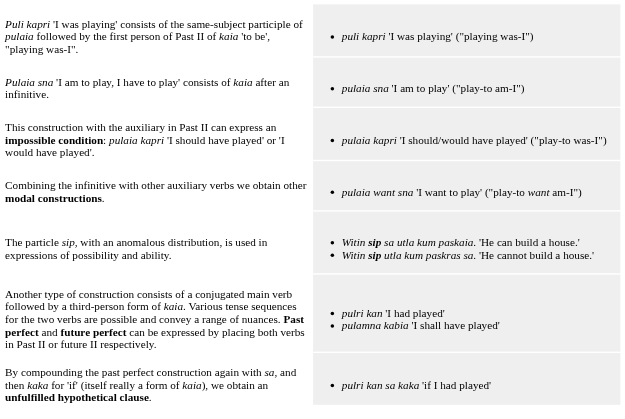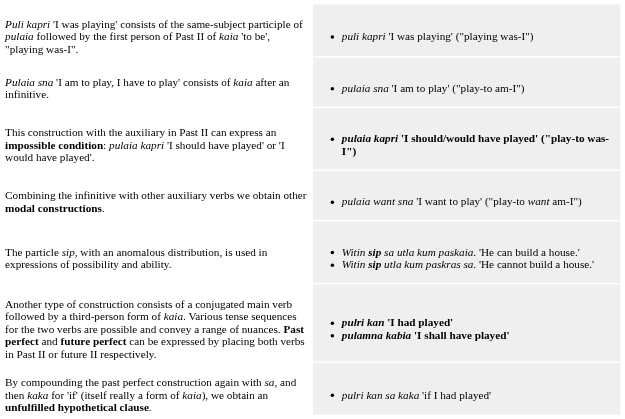 <table>
 <tr>
 <td><br><em>Puli kapri</em> 'I was playing' consists of the same-subject participle of <em>pulaia</em> followed by the first person of Past II of <em>kaia</em> 'to be', "playing was-I".</td>
 <td style="width:50%; background:#efefef;"><br><ul><li><em>puli kapri</em> 'I was playing' ("playing was-I")</li></ul></td>
 </tr>
 <tr>
 <td><br><em>Pulaia sna</em> 'I am to play, I have to play' consists of <em>kaia</em> after an infinitive.</td>
 <td style="background:#efefef;"><br><ul><li><em>pulaia sna</em> 'I am to play' ("play-to am-I")</li></ul></td>
 </tr>
 <tr>
 <td><br>This construction with the auxiliary in Past II can express an <strong>impossible condition</strong>: <em>pulaia kapri</em> 'I should have played' or 'I would have played'.</td>
-<td style="background:#efefef;"><br><ul><li><em>pulaia kapri</em> 'I should/would have played' ("play-to was-I")</li></ul></td>
+<td style="background:#efefef;"><strong><br><ul><li><em>pulaia kapri</em> 'I should/would have played' ("play-to was-I")</li></ul></strong></td>
 </tr>
 <tr>
 <td><br>Combining the infinitive with other auxiliary verbs we obtain other <strong>modal constructions</strong>.</td>
 <td style="background:#efefef;"><br><ul><li><em>pulaia want sna</em> 'I want to play' ("play-to <em>want</em> am-I")</li></ul></td>
 </tr>
 <tr>
 <td><br>The particle <em>sip</em>, with an anomalous distribution, is used in expressions of possibility and ability.</td>
 <td style="background:#efefef;"><br><ul><li><em>Witin <strong>sip</strong> sa utla kum paskaia.</em> 'He can build a house.'</li><li><em>Witin <strong>sip</strong> utla kum paskras sa.</em> 'He cannot build a house.'</li></ul></td>
 </tr>
 <tr>
 <td><br>Another type of construction consists of a conjugated main verb followed by a third-person form of <em>kaia</em>. Various tense sequences for the two verbs are possible and convey a range of nuances. <strong>Past perfect</strong> and <strong>future perfect</strong> can be expressed by placing both verbs in Past II or future II respectively.</td>
-<td style="background:#efefef;"><br><ul><li><em>pulri kan</em> 'I had played'</li><li><em>pulamna kabia</em> 'I shall have played'</li></ul></td>
+<td style="background:#efefef;"><strong><br><ul><li><em>pulri kan</em> 'I had played'</li><li><em>pulamna kabia</em> 'I shall have played'</li></ul></strong></td>
 </tr>
 <tr>
 <td><br>By compounding the past perfect construction again with <em>sa</em>, and then <em>kaka</em> for 'if' (itself really a form of <em>kaia</em>), we obtain an <strong>unfulfilled hypothetical clause</strong>.</td>
 <td style="background:#efefef;"><br><ul><li><em>pulri kan sa kaka</em> 'if I had played'</li></ul></td>
 </tr>
 </table>
